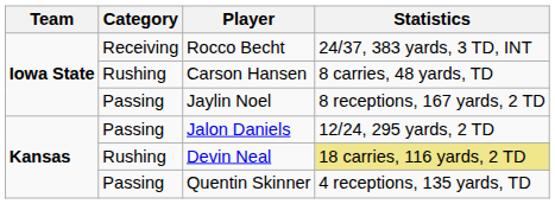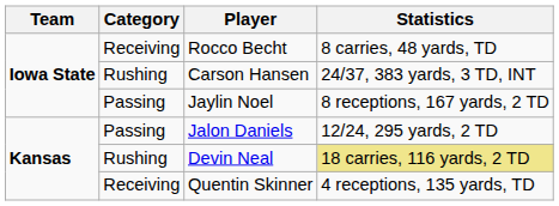 <table class="wikitable" style="float: right;">
 <tr>
 <th>Team</th>
 <th>Category</th>
 <th>Player</th>
 <th>Statistics</th>
 </tr>
 <tr>
 <td rowspan=3><strong>Iowa State</strong></td>
 <td>Receiving</td>
 <td>Rocco Becht</td>
-<td>24/37, 383 yards, 3 TD, INT</td>
+<td>8 carries, 48 yards, TD</td>
 </tr>
 <tr>
 <td>Rushing</td>
 <td>Carson Hansen</td>
-<td>8 carries, 48 yards, TD</td>
+<td>24/37, 383 yards, 3 TD, INT</td>
 </tr>
 <tr>
 <td>Passing</td>
 <td>Jaylin Noel</td>
 <td>8 receptions, 167 yards, 2 TD</td>
 </tr>
 <tr>
 <td rowspan=3><strong>Kansas</strong></td>
 <td>Passing</td>
 <td><a href='#'>Jalon Daniels</a></td>
 <td>12/24, 295 yards, 2 TD</td>
 </tr>
 <tr>
 <td>Rushing</td>
 <td><a href='#'>Devin Neal</a></td>
 <td style="background: khaki;">18 carries, 116 yards, 2 TD</td>
 </tr>
 <tr>
-<td>Passing</td>
+<td>Receiving</td>
 <td>Quentin Skinner</td>
 <td>4 receptions, 135 yards, TD</td>
 </tr>
 </table>
